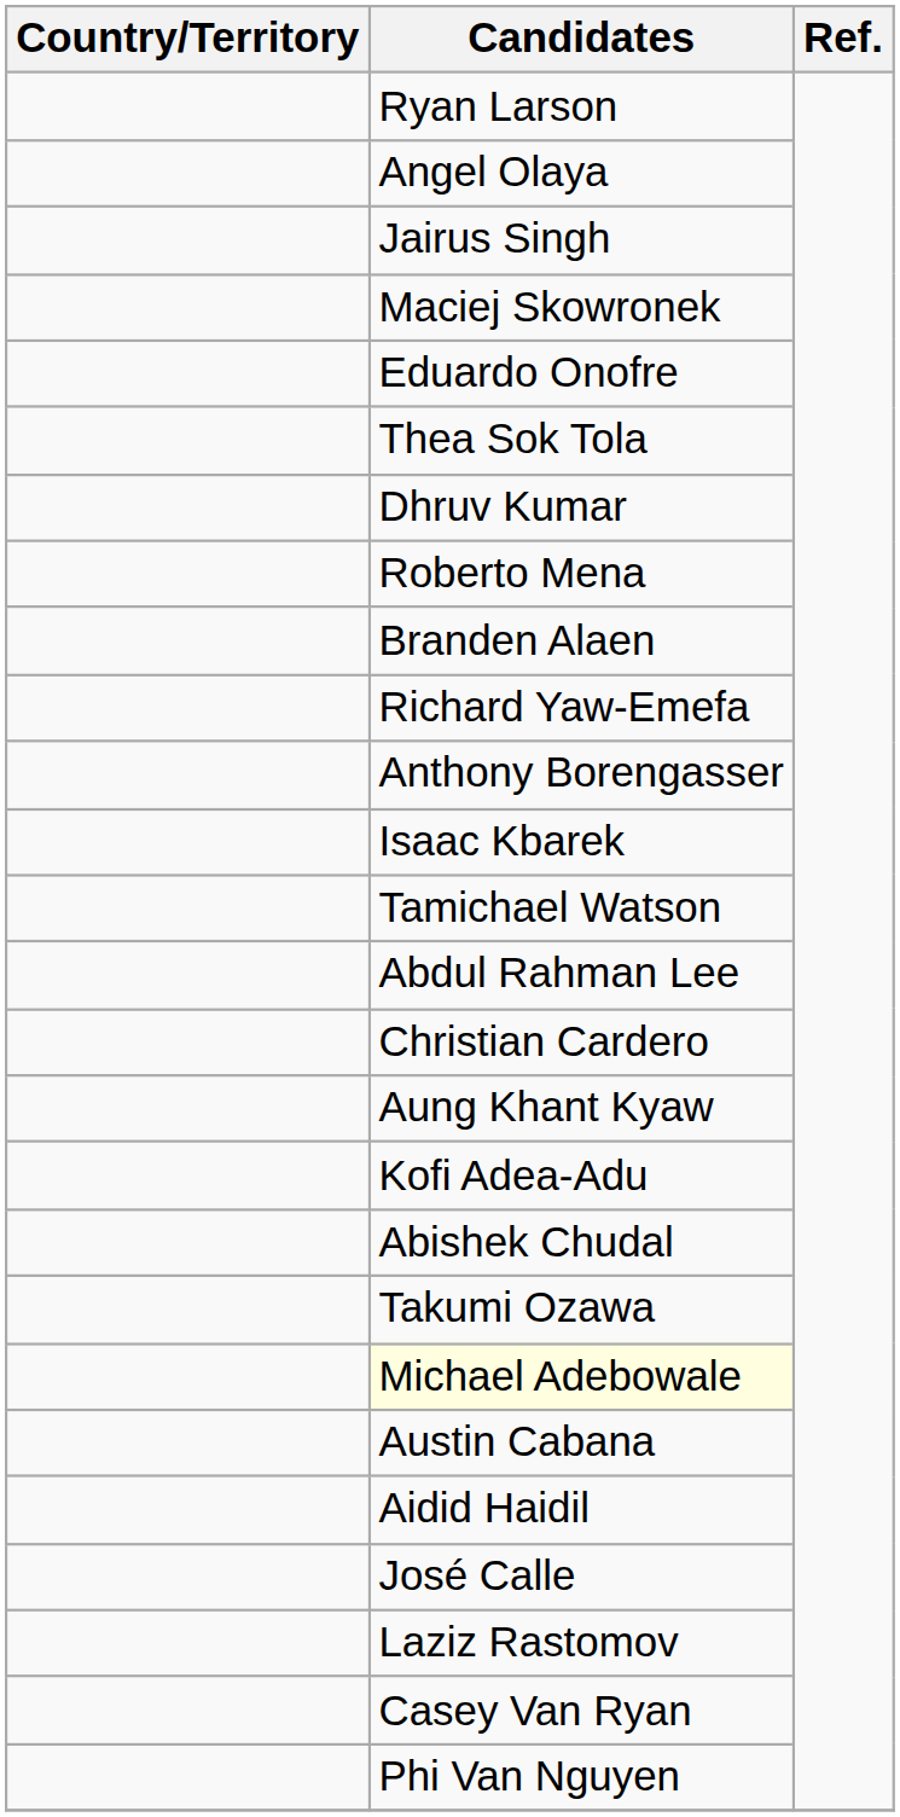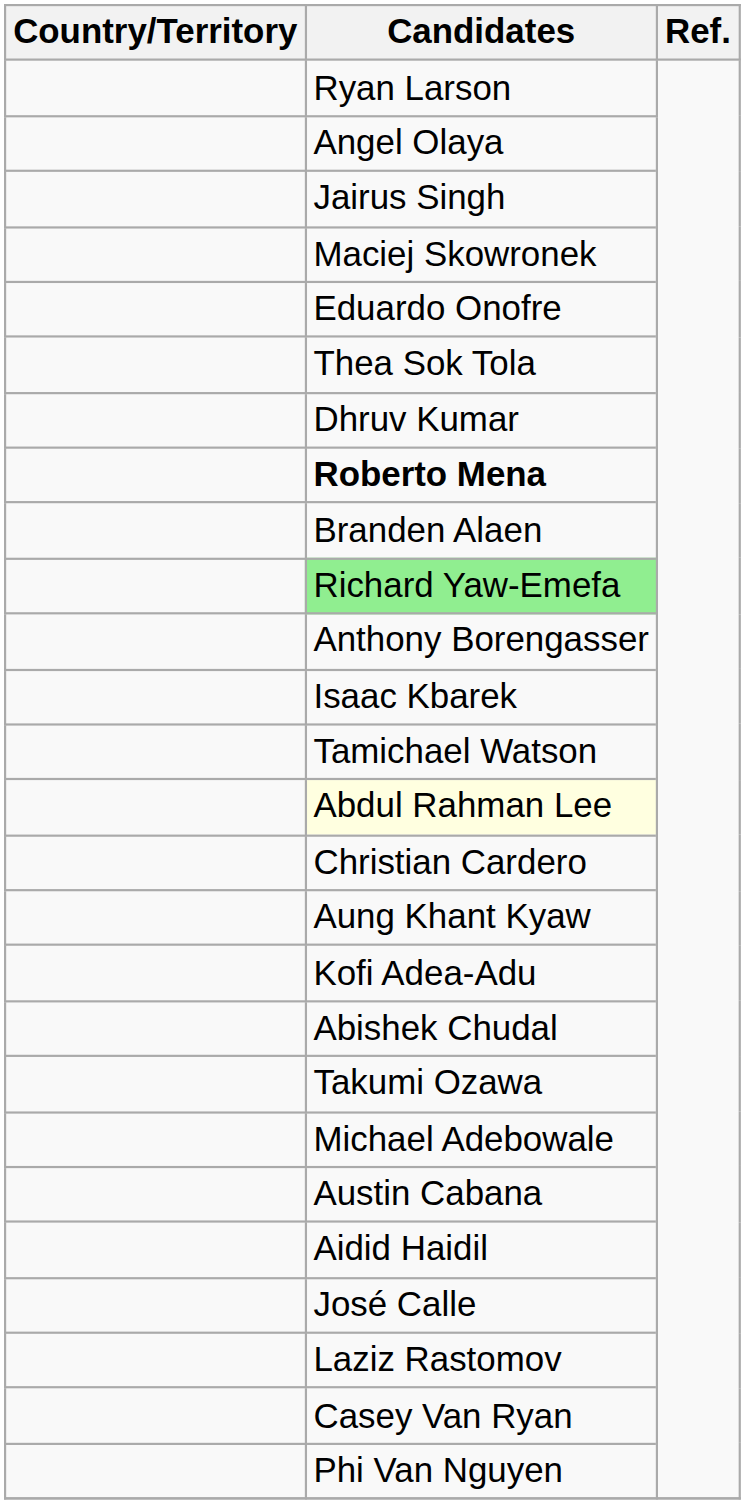 <table class="wikitable sortable">
 <tr>
 <th>Country/Territory</th>
 <th>Candidates</th>
 <th>Ref.</th>
 </tr>
 <tr>
 <td></td>
 <td>Ryan Larson</td>
 <td rowspan="26"></td>
 </tr>
 <tr>
 <td></td>
 <td>Angel Olaya</td>
 </tr>
 <tr>
 <td></td>
 <td>Jairus Singh</td>
 </tr>
 <tr>
 <td></td>
 <td>Maciej Skowronek</td>
 </tr>
 <tr>
 <td></td>
 <td>Eduardo Onofre</td>
 </tr>
 <tr>
 <td></td>
 <td>Thea Sok Tola</td>
 </tr>
 <tr>
 <td></td>
 <td>Dhruv Kumar</td>
 </tr>
 <tr>
 <td></td>
-<td>Roberto Mena</td>
+<td><strong>Roberto Mena</strong></td>
 </tr>
 <tr>
 <td></td>
 <td>Branden Alaen</td>
 </tr>
 <tr>
 <td></td>
-<td>Richard Yaw-Emefa</td>
+<td style="background: lightgreen;">Richard Yaw-Emefa</td>
 </tr>
 <tr>
 <td></td>
 <td>Anthony Borengasser</td>
 </tr>
 <tr>
 <td></td>
 <td>Isaac Kbarek</td>
 </tr>
 <tr>
 <td></td>
 <td>Tamichael Watson</td>
 </tr>
 <tr>
 <td></td>
-<td>Abdul Rahman Lee</td>
+<td style="background: lightyellow;">Abdul Rahman Lee</td>
 </tr>
 <tr>
 <td></td>
 <td>Christian Cardero</td>
 </tr>
 <tr>
 <td></td>
 <td>Aung Khant Kyaw</td>
 </tr>
 <tr>
 <td></td>
 <td>Kofi Adea-Adu</td>
 </tr>
 <tr>
 <td></td>
 <td>Abishek Chudal</td>
 </tr>
 <tr>
 <td></td>
 <td>Takumi Ozawa</td>
 </tr>
 <tr>
 <td></td>
-<td style="background: lightyellow;">Michael Adebowale</td>
+<td>Michael Adebowale</td>
 </tr>
 <tr>
 <td></td>
 <td>Austin Cabana</td>
 </tr>
 <tr>
 <td></td>
 <td>Aidid Haidil</td>
 </tr>
 <tr>
 <td></td>
 <td>José Calle</td>
 </tr>
 <tr>
 <td></td>
 <td>Laziz Rastomov</td>
 </tr>
 <tr>
 <td></td>
 <td>Casey Van Ryan</td>
 </tr>
 <tr>
 <td></td>
 <td>Phi Van Nguyen</td>
 </tr>
 <tr>
 </tr>
 </table>
